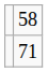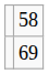 <table class="wikitable">
 <tr>
 <td></td>
 <td style="text-align: center;">58</td>
 </tr>
 <tr>
 <td></td>
-<td style="text-align: center;">71</td>
+<td style="text-align: center;">69</td>
 </tr>
 </table>
